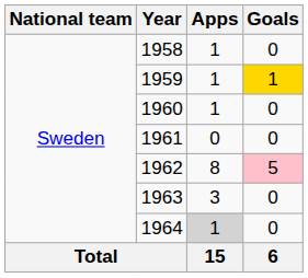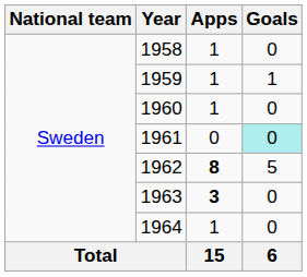 <table class="wikitable" style="text-align:center">
 <tr>
 <th>National team</th>
 <th>Year</th>
 <th>Apps</th>
 <th>Goals</th>
 </tr>
 <tr>
 <td rowspan="7"><a href='#'>Sweden</a></td>
 <td>1958</td>
 <td>1</td>
 <td>0</td>
 </tr>
 <tr>
 <td>1959</td>
 <td>1</td>
-<td style="background: gold;">1</td>
+<td>1</td>
 </tr>
 <tr>
 <td>1960</td>
 <td>1</td>
 <td>0</td>
 </tr>
 <tr>
 <td>1961</td>
 <td>0</td>
-<td>0</td>
+<td style="background: paleturquoise;">0</td>
 </tr>
 <tr>
 <td>1962</td>
-<td>8</td>
-<td style="background: pink;">5</td>
+<td><strong>8</strong></td>
+<td>5</td>
 </tr>
 <tr>
 <td>1963</td>
-<td>3</td>
+<td><strong>3</strong></td>
 <td>0</td>
 </tr>
 <tr>
 <td>1964</td>
-<td style="background: lightgrey;">1</td>
+<td>1</td>
 <td>0</td>
 </tr>
 <tr>
 <th colspan="2">Total</th>
 <th>15</th>
 <th>6</th>
 </tr>
 </table>
